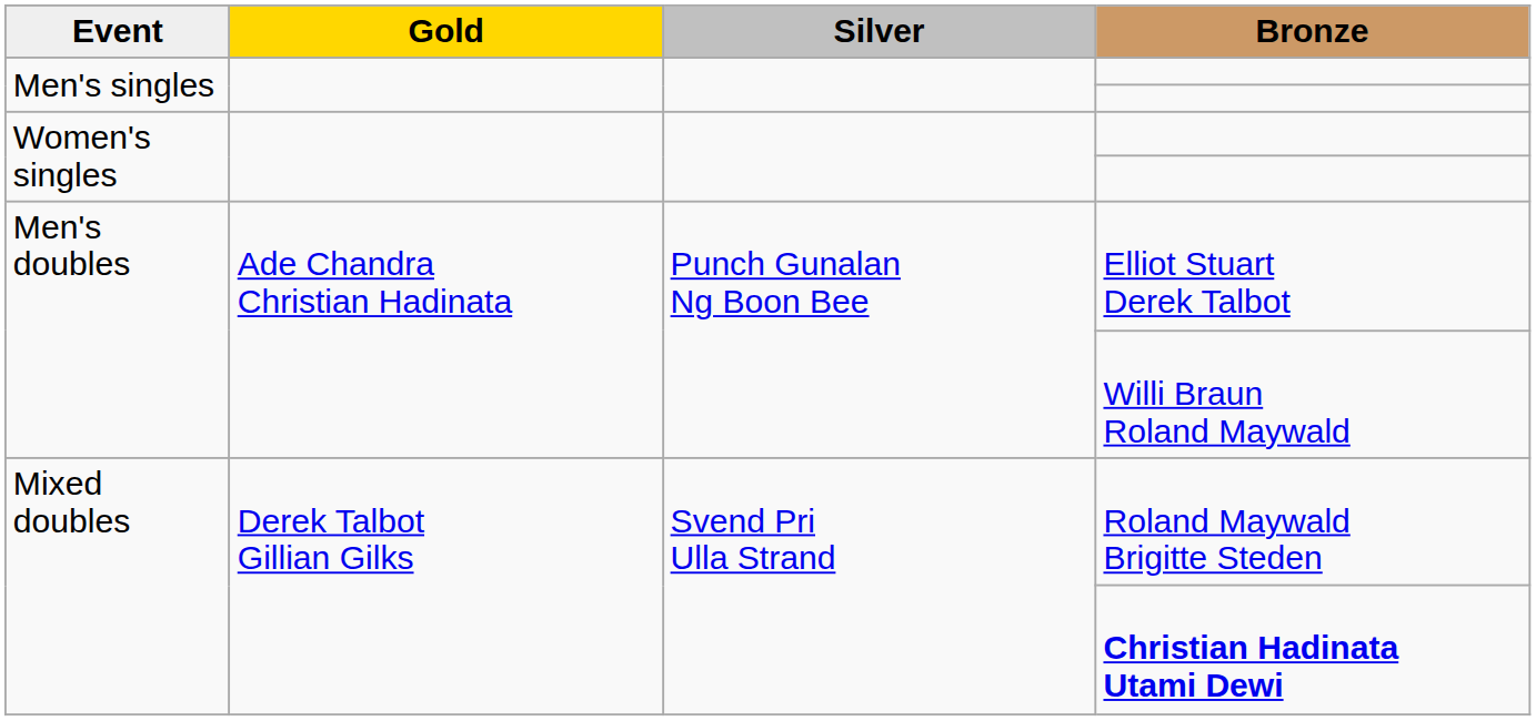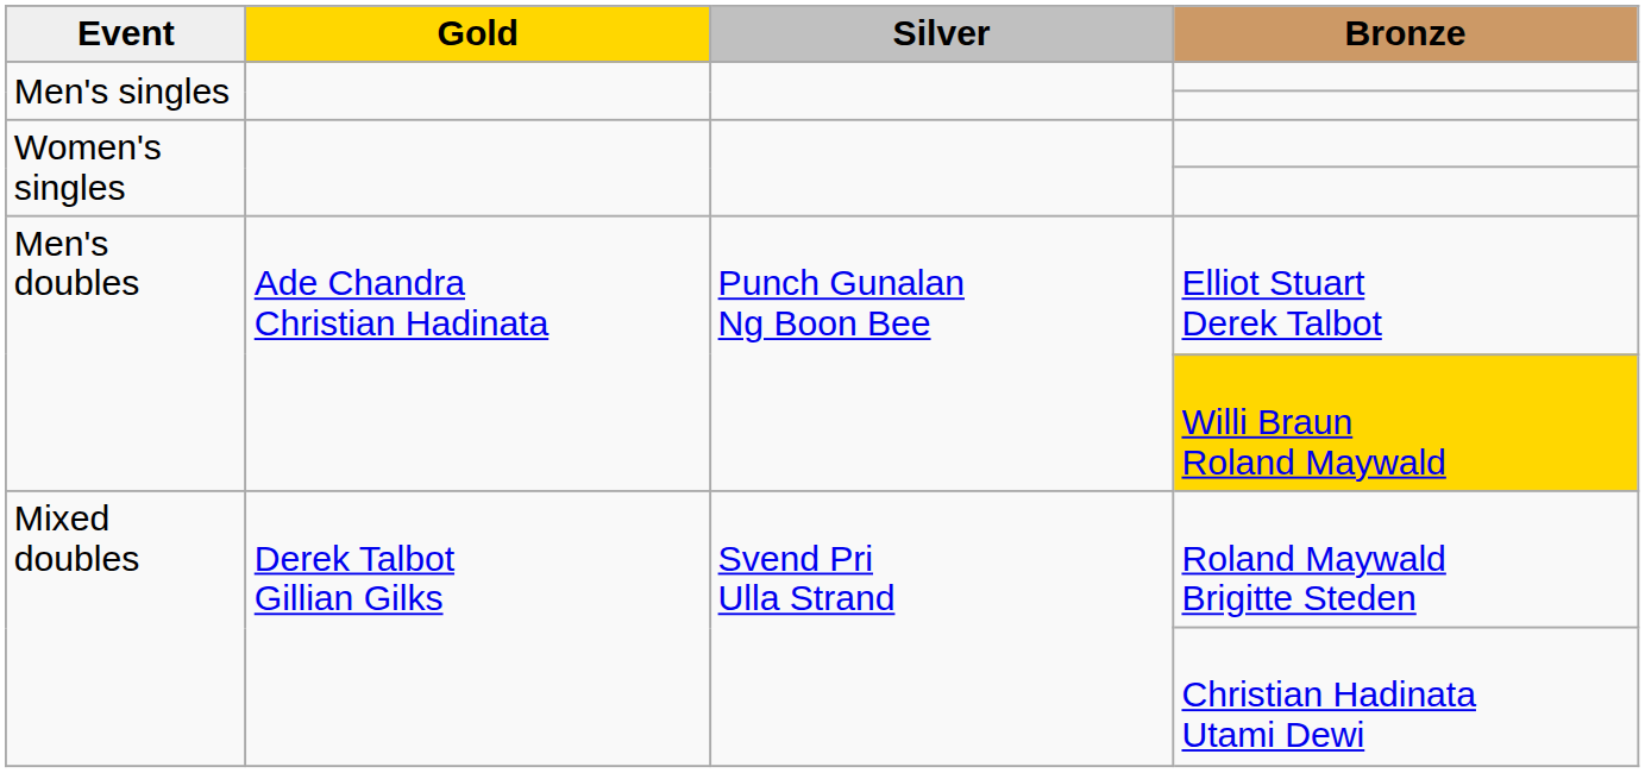 <table class="wikitable">
 <tr align=center>
 <td width=100 bgcolor=efefef><strong>Event</strong></td>
 <td width=200 bgcolor=gold><strong>Gold</strong></td>
 <td width=200 bgcolor=silver><strong>Silver</strong></td>
 <td width=200 bgcolor=cc9966><strong>Bronze</strong></td>
 </tr>
 <tr valign="top">
 <td rowspan=2>Men's singles</td>
 <td rowspan=2></td>
 <td rowspan=2></td>
 <td></td>
 </tr>
 <tr>
 <td></td>
 </tr>
 <tr valign="top">
 <td rowspan=2>Women's singles</td>
 <td rowspan=2></td>
 <td rowspan=2></td>
 <td></td>
 </tr>
 <tr>
 <td></td>
 </tr>
 <tr valign="top">
 <td rowspan=2>Men's doubles</td>
 <td rowspan=2><br><a href='#'>Ade Chandra</a><br><a href='#'>Christian Hadinata</a></td>
 <td rowspan=2><br><a href='#'>Punch Gunalan</a><br><a href='#'>Ng Boon Bee</a></td>
 <td><br><a href='#'>Elliot Stuart</a><br><a href='#'>Derek Talbot</a></td>
 </tr>
 <tr>
-<td><br><a href='#'>Willi Braun</a><br><a href='#'>Roland Maywald</a></td>
+<td style="background: gold;"><br><a href='#'>Willi Braun</a><br><a href='#'>Roland Maywald</a></td>
 </tr>
 <tr valign="top">
 <td rowspan=2>Mixed doubles</td>
 <td rowspan=2><br><a href='#'>Derek Talbot</a><br><a href='#'>Gillian Gilks</a></td>
 <td rowspan=2><br><a href='#'>Svend Pri</a><br><a href='#'>Ulla Strand</a></td>
 <td><br><a href='#'>Roland Maywald</a><br><a href='#'>Brigitte Steden</a></td>
 </tr>
 <tr>
-<td><strong><br><a href='#'>Christian Hadinata</a><br><a href='#'>Utami Dewi</a></strong></td>
+<td><br><a href='#'>Christian Hadinata</a><br><a href='#'>Utami Dewi</a></td>
 </tr>
 </table>
